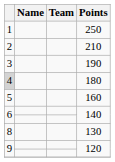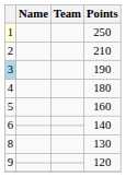 <table class="wikitable">
 <tr>
 <th></th>
 <th>Name</th>
 <th>Team</th>
 <th>Points</th>
 </tr>
 <tr>
-<td style="text-align:center">1</td>
+<td style="background: lightyellow; text-align:center">1</td>
 <td></td>
 <td></td>
 <td style="text-align:center">250</td>
 </tr>
 <tr>
 <td style="text-align:center">2</td>
 <td></td>
 <td></td>
 <td style="text-align:center">210</td>
 </tr>
 <tr>
-<td style="text-align:center">3</td>
+<td style="background: lightblue; text-align:center">3</td>
 <td></td>
 <td></td>
 <td style="text-align:center">190</td>
 </tr>
 <tr>
-<td style="background: lightgrey; text-align:center">4</td>
+<td style="text-align:center">4</td>
 <td></td>
 <td></td>
 <td style="text-align:center">180</td>
 </tr>
 <tr>
 <td style="text-align:center">5</td>
 <td></td>
 <td></td>
 <td style="text-align:center">160</td>
 </tr>
 <tr>
 <td style="text-align:center" rowspan="2">6</td>
 <td></td>
 <td></td>
 <td style="text-align:center" rowspan="2">140</td>
 </tr>
 <tr>
 <td></td>
 <td></td>
 </tr>
 <tr>
 <td style="text-align:center">8</td>
 <td> </td>
 <td></td>
 <td style="text-align:center">130</td>
 </tr>
 <tr>
 <td style="text-align:center" rowspan="2">9</td>
 <td></td>
 <td></td>
 <td style="text-align:center" rowspan="2">120</td>
 </tr>
 <tr>
 <td></td>
 <td></td>
 </tr>
 <tr>
 </tr>
 </table>
